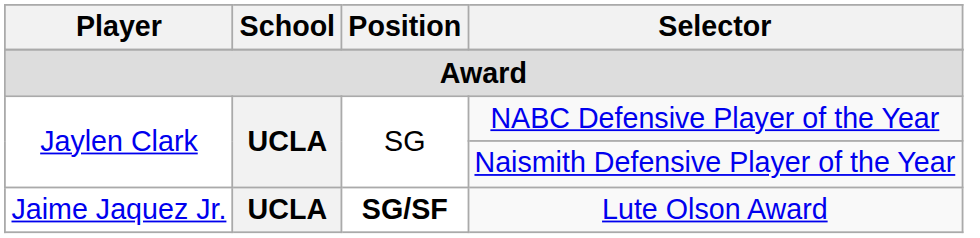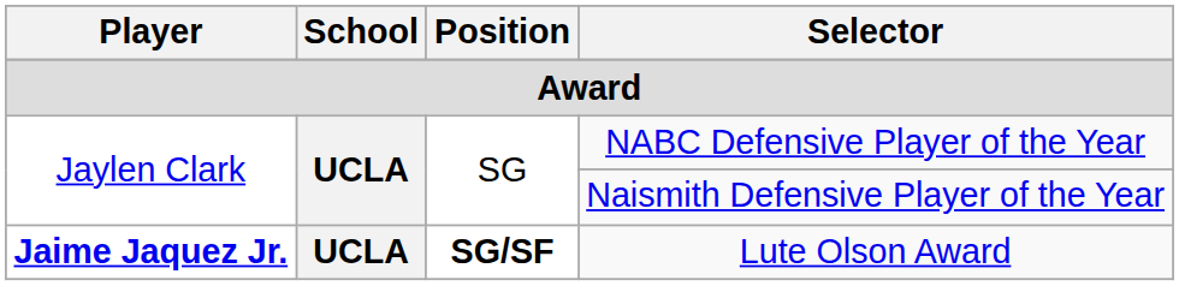 <table class="wikitable" border="0">
 <tr>
 <th>Player</th>
 <th>School</th>
 <th>Position</th>
 <th>Selector</th>
 </tr>
 <tr>
 </tr>
 <tr>
 <td colspan="6" style="text-align:center; background:#ddd;"><strong>Award</strong></td>
 </tr>
 <tr style="text-align:center;">
 <td rowspan="2" style="background:white"><a href='#'>Jaylen Clark</a></td>
 <th rowspan="2" style=>UCLA</th>
 <td rowspan="2" style="background:white">SG</td>
 <td><a href='#'>NABC Defensive Player of the Year</a></td>
 </tr>
 <tr style="text-align:center;">
 <td><a href='#'>Naismith Defensive Player of the Year</a></td>
 </tr>
 <tr style="text-align:center;">
-<td style="background:white"><a href='#'>Jaime Jaquez Jr.</a></td>
+<td style="background:white"><strong><a href='#'>Jaime Jaquez Jr.</a></strong></td>
 <th style=>UCLA</th>
 <td style="background:white"><strong>SG/SF</strong></td>
 <td><a href='#'>Lute Olson Award</a></td>
 </tr>
 </table>
